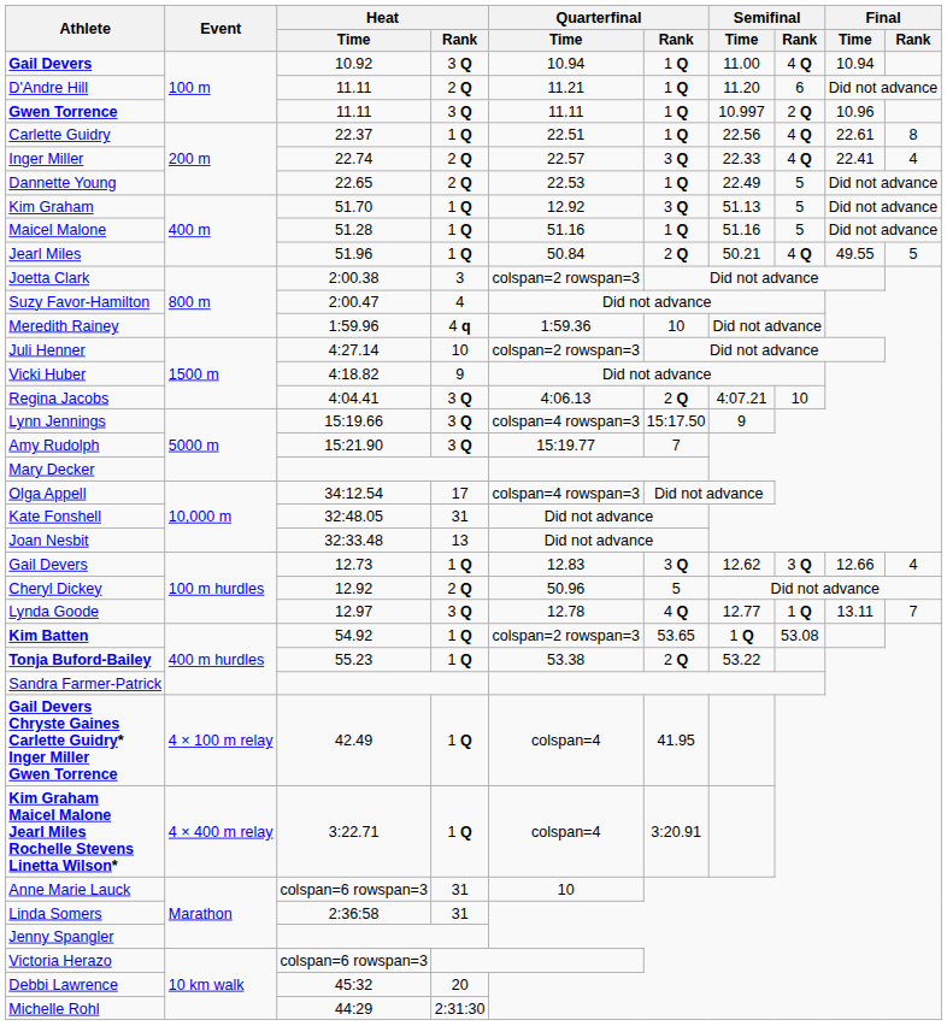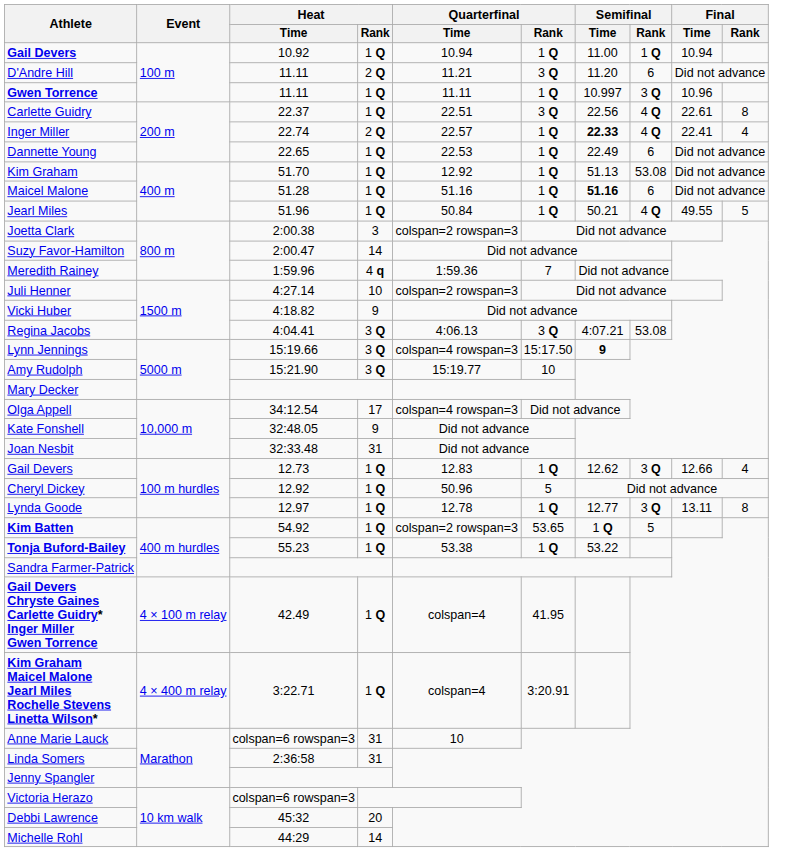 <table class=wikitable style=font-size:90%;text-align:center>
 <tr>
 <th rowspan=2>Athlete</th>
 <th rowspan=2>Event</th>
 <th colspan=2>Heat</th>
 <th colspan=2>Quarterfinal</th>
 <th colspan=2>Semifinal</th>
 <th colspan=2>Final</th>
 </tr>
 <tr style=font-size:95%>
 <th>Time</th>
 <th>Rank</th>
 <th>Time</th>
 <th>Rank</th>
 <th>Time</th>
 <th>Rank</th>
 <th>Time</th>
 <th>Rank</th>
 </tr>
 <tr>
 <td align=left><strong><a href='#'>Gail Devers</a></strong></td>
 <td align=left rowspan=3><a href='#'>100 m</a></td>
 <td>10.92</td>
-<td>3 <strong>Q</strong></td>
+<td>1 <strong>Q</strong></td>
 <td>10.94</td>
 <td>1 <strong>Q</strong></td>
 <td>11.00</td>
-<td>4 <strong>Q</strong></td>
+<td>1 <strong>Q</strong></td>
 <td>10.94</td>
 <td></td>
 </tr>
 <tr>
 <td align=left><a href='#'>D'Andre Hill</a></td>
 <td>11.11</td>
 <td>2 <strong>Q</strong></td>
 <td>11.21</td>
-<td>1 <strong>Q</strong></td>
+<td>3 <strong>Q</strong></td>
 <td>11.20</td>
 <td>6</td>
 <td colspan=2>Did not advance</td>
 </tr>
 <tr>
 <td align=left><strong><a href='#'>Gwen Torrence</a></strong></td>
 <td>11.11</td>
-<td>3 <strong>Q</strong></td>
+<td>1 <strong>Q</strong></td>
 <td>11.11</td>
 <td>1 <strong>Q</strong></td>
 <td>10.997</td>
-<td>2 <strong>Q</strong></td>
+<td>3 <strong>Q</strong></td>
 <td>10.96</td>
 <td></td>
 </tr>
 <tr>
 <td align=left><a href='#'>Carlette Guidry</a></td>
 <td align=left rowspan=3><a href='#'>200 m</a></td>
 <td>22.37</td>
 <td>1 <strong>Q</strong></td>
 <td>22.51</td>
-<td>1 <strong>Q</strong></td>
+<td>3 <strong>Q</strong></td>
 <td>22.56</td>
 <td>4 <strong>Q</strong></td>
 <td>22.61</td>
 <td>8</td>
 </tr>
 <tr>
 <td align=left><a href='#'>Inger Miller</a></td>
 <td>22.74</td>
 <td>2 <strong>Q</strong></td>
 <td>22.57</td>
-<td>3 <strong>Q</strong></td>
-<td>22.33</td>
+<td>1 <strong>Q</strong></td>
+<td><strong>22.33</strong></td>
 <td>4 <strong>Q</strong></td>
 <td>22.41</td>
 <td>4</td>
 </tr>
 <tr>
 <td align=left><a href='#'>Dannette Young</a></td>
 <td>22.65</td>
-<td>2 <strong>Q</strong></td>
+<td>1 <strong>Q</strong></td>
 <td>22.53</td>
 <td>1 <strong>Q</strong></td>
 <td>22.49</td>
-<td>5</td>
+<td>6</td>
 <td colspan=2>Did not advance</td>
 </tr>
 <tr>
 <td align=left><a href='#'>Kim Graham</a></td>
 <td align=left rowspan=3><a href='#'>400 m</a></td>
 <td>51.70</td>
 <td>1 <strong>Q</strong></td>
 <td>12.92</td>
-<td>3 <strong>Q</strong></td>
+<td>1 <strong>Q</strong></td>
 <td>51.13</td>
-<td>5</td>
+<td>53.08</td>
 <td colspan=2>Did not advance</td>
 </tr>
 <tr>
 <td align=left><a href='#'>Maicel Malone</a></td>
 <td>51.28</td>
 <td>1 <strong>Q</strong></td>
 <td>51.16</td>
 <td>1 <strong>Q</strong></td>
-<td>51.16</td>
-<td>5</td>
+<td><strong>51.16</strong></td>
+<td>6</td>
 <td colspan=2>Did not advance</td>
 </tr>
 <tr>
 <td align=left><a href='#'>Jearl Miles</a></td>
 <td>51.96</td>
 <td>1 <strong>Q</strong></td>
 <td>50.84</td>
-<td>2 <strong>Q</strong></td>
+<td>1 <strong>Q</strong></td>
 <td>50.21</td>
 <td>4 <strong>Q</strong></td>
 <td>49.55</td>
 <td>5</td>
 </tr>
 <tr>
 <td align=left><a href='#'>Joetta Clark</a></td>
 <td align=left rowspan=3><a href='#'>800 m</a></td>
 <td>2:00.38</td>
 <td>3</td>
 <td>colspan=2 rowspan=3 </td>
 <td colspan=4>Did not advance</td>
 </tr>
 <tr>
 <td align=left><a href='#'>Suzy Favor-Hamilton</a></td>
 <td>2:00.47</td>
-<td>4</td>
+<td>14</td>
 <td colspan=4>Did not advance</td>
 </tr>
 <tr>
 <td align=left><a href='#'>Meredith Rainey</a></td>
 <td>1:59.96</td>
 <td>4 <strong>q</strong></td>
 <td>1:59.36</td>
-<td>10</td>
+<td>7</td>
 <td colspan=2>Did not advance</td>
 </tr>
 <tr>
 <td align=left><a href='#'>Juli Henner</a></td>
 <td align=left rowspan=3><a href='#'>1500 m</a></td>
 <td>4:27.14</td>
 <td>10</td>
 <td>colspan=2 rowspan=3 </td>
 <td colspan=4>Did not advance</td>
 </tr>
 <tr>
 <td align=left><a href='#'>Vicki Huber</a></td>
 <td>4:18.82</td>
 <td>9</td>
 <td colspan=4>Did not advance</td>
 </tr>
 <tr>
 <td align=left><a href='#'>Regina Jacobs</a></td>
 <td>4:04.41</td>
 <td>3 <strong>Q</strong></td>
 <td>4:06.13</td>
-<td>2 <strong>Q</strong></td>
+<td>3 <strong>Q</strong></td>
 <td>4:07.21</td>
-<td>10</td>
+<td>53.08</td>
 </tr>
 <tr>
 <td align=left><a href='#'>Lynn Jennings</a></td>
 <td align=left rowspan=3><a href='#'>5000 m</a></td>
 <td>15:19.66</td>
 <td>3 <strong>Q</strong></td>
 <td>colspan=4 rowspan=3 </td>
 <td>15:17.50</td>
-<td>9</td>
+<td><strong>9</strong></td>
 </tr>
 <tr>
 <td align=left><a href='#'>Amy Rudolph</a></td>
 <td>15:21.90</td>
 <td>3 <strong>Q</strong></td>
 <td>15:19.77</td>
-<td>7</td>
+<td>10</td>
 </tr>
 <tr>
 <td align=left><a href='#'>Mary Decker</a></td>
 <td colspan=2></td>
 <td colspan=2></td>
 </tr>
 <tr>
 <td align=left><a href='#'>Olga Appell</a></td>
 <td align=left rowspan=3><a href='#'>10,000 m</a></td>
 <td>34:12.54</td>
 <td>17</td>
 <td>colspan=4 rowspan=3 </td>
 <td colspan=2>Did not advance</td>
 </tr>
 <tr>
 <td align=left><a href='#'>Kate Fonshell</a></td>
 <td>32:48.05</td>
-<td>31</td>
+<td>9</td>
 <td colspan=2>Did not advance</td>
 </tr>
 <tr>
 <td align=left><a href='#'>Joan Nesbit</a></td>
 <td>32:33.48</td>
-<td>13</td>
+<td>31</td>
 <td colspan=2>Did not advance</td>
 </tr>
 <tr>
 <td align=left><a href='#'>Gail Devers</a></td>
 <td align=left rowspan=3><a href='#'>100 m hurdles</a></td>
 <td>12.73</td>
 <td>1 <strong>Q</strong></td>
 <td>12.83</td>
-<td>3 <strong>Q</strong></td>
+<td>1 <strong>Q</strong></td>
 <td>12.62</td>
 <td>3 <strong>Q</strong></td>
 <td>12.66</td>
 <td>4</td>
 </tr>
 <tr>
 <td align=left><a href='#'>Cheryl Dickey</a></td>
 <td>12.92</td>
-<td>2 <strong>Q</strong></td>
+<td>1 <strong>Q</strong></td>
 <td>50.96</td>
 <td>5</td>
 <td colspan=4>Did not advance</td>
 </tr>
 <tr>
 <td align=left><a href='#'>Lynda Goode</a></td>
 <td>12.97</td>
+<td>1 <strong>Q</strong></td>
+<td>12.78</td>
+<td>1 <strong>Q</strong></td>
+<td>12.77</td>
 <td>3 <strong>Q</strong></td>
-<td>12.78</td>
-<td>4 <strong>Q</strong></td>
-<td>12.77</td>
-<td>1 <strong>Q</strong></td>
 <td>13.11</td>
-<td>7</td>
+<td>8</td>
 </tr>
 <tr>
 <td align=left><strong><a href='#'>Kim Batten</a></strong></td>
 <td align=left rowspan=3><a href='#'>400 m hurdles</a></td>
 <td>54.92</td>
 <td>1 <strong>Q</strong></td>
 <td>colspan=2 rowspan=3 </td>
 <td>53.65</td>
 <td>1 <strong>Q</strong></td>
-<td>53.08</td>
+<td>5</td>
 <td></td>
 </tr>
 <tr>
 <td align=left><strong><a href='#'>Tonja Buford-Bailey</a></strong></td>
 <td>55.23</td>
 <td>1 <strong>Q</strong></td>
 <td>53.38</td>
-<td>2 <strong>Q</strong></td>
+<td>1 <strong>Q</strong></td>
 <td>53.22</td>
 <td></td>
 </tr>
 <tr>
 <td align=left><a href='#'>Sandra Farmer-Patrick</a></td>
 <td colspan=2></td>
 <td colspan=4></td>
 </tr>
 <tr>
 <td align=left><strong><a href='#'>Gail Devers</a><br><a href='#'>Chryste Gaines</a><br><a href='#'>Carlette Guidry</a>*<br><a href='#'>Inger Miller</a><br><a href='#'>Gwen Torrence</a></strong></td>
 <td align=left><a href='#'>4 × 100 m relay</a></td>
 <td>42.49</td>
 <td>1 <strong>Q</strong></td>
 <td>colspan=4 </td>
 <td>41.95</td>
 <td></td>
 </tr>
 <tr>
 <td align=left><strong><a href='#'>Kim Graham</a><br><a href='#'>Maicel Malone</a><br><a href='#'>Jearl Miles</a><br><a href='#'>Rochelle Stevens</a><br><a href='#'>Linetta Wilson</a>*</strong></td>
 <td align=left><a href='#'>4 × 400 m relay</a></td>
 <td>3:22.71</td>
 <td>1 <strong>Q</strong></td>
 <td>colspan=4 </td>
 <td>3:20.91</td>
 <td></td>
 </tr>
 <tr>
 <td align=left><a href='#'>Anne Marie Lauck</a></td>
 <td align=left rowspan=3><a href='#'>Marathon</a></td>
 <td>colspan=6 rowspan=3 </td>
 <td>31</td>
 <td>10</td>
 </tr>
 <tr>
 <td align=left><a href='#'>Linda Somers</a></td>
 <td>2:36:58</td>
 <td>31</td>
 </tr>
 <tr>
 <td align=left><a href='#'>Jenny Spangler</a></td>
 <td colspan=2></td>
 </tr>
 <tr>
 <td align=left><a href='#'>Victoria Herazo</a></td>
 <td align=left rowspan=3><a href='#'>10 km walk</a></td>
 <td>colspan=6 rowspan=3 </td>
 <td colspan=2></td>
 </tr>
 <tr>
 <td align=left><a href='#'>Debbi Lawrence</a></td>
 <td>45:32</td>
 <td>20</td>
 </tr>
 <tr>
 <td align=left><a href='#'>Michelle Rohl</a></td>
 <td>44:29</td>
-<td>2:31:30</td>
+<td>14</td>
 </tr>
 </table>
